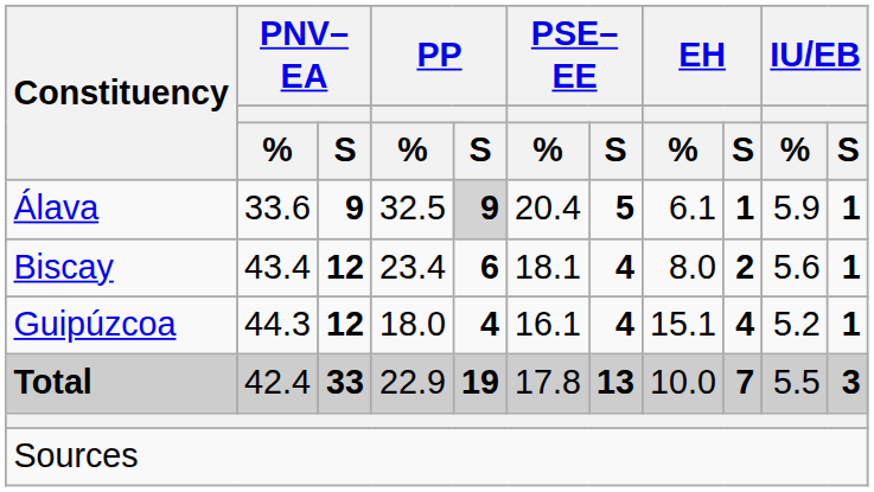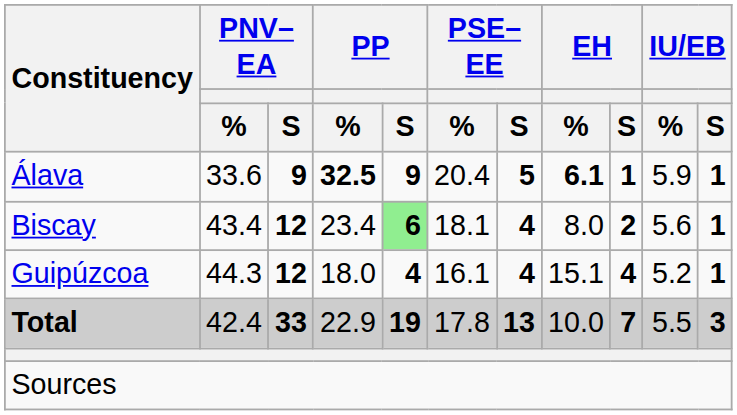 <table class="wikitable sortable" style="text-align:right; line-height:20px;">
 <tr>
 <th rowspan="3">Constituency</th>
 <th colspan="2" width="30px" class="unsortable"><a href='#'>PNV–EA</a></th>
 <th colspan="2" width="30px" class="unsortable"><a href='#'>PP</a></th>
 <th colspan="2" width="30px" class="unsortable"><a href='#'>PSE–EE</a></th>
 <th colspan="2" width="30px" class="unsortable"><a href='#'>EH</a></th>
 <th colspan="2" width="30px" class="unsortable"><a href='#'>IU/EB</a></th>
 </tr>
 <tr>
 <th colspan="2" style="background:"></th>
 <th colspan="2" style="background:"></th>
 <th colspan="2" style="background:"></th>
 <th colspan="2" style="background:"></th>
 <th colspan="2" style="background:"></th>
 </tr>
 <tr>
 <th data-sort-type="number">%</th>
 <th data-sort-type="number">S</th>
 <th data-sort-type="number">%</th>
 <th data-sort-type="number">S</th>
 <th data-sort-type="number">%</th>
 <th data-sort-type="number">S</th>
 <th data-sort-type="number">%</th>
 <th data-sort-type="number">S</th>
 <th data-sort-type="number">%</th>
 <th data-sort-type="number">S</th>
 </tr>
 <tr>
 <td align="left"><a href='#'>Álava</a></td>
 <td style="background:">33.6</td>
 <td><strong>9</strong></td>
-<td>32.5</td>
-<td style="background: lightgrey;"><strong>9</strong></td>
+<td><strong>32.5</strong></td>
+<td><strong>9</strong></td>
 <td>20.4</td>
 <td><strong>5</strong></td>
-<td>6.1</td>
+<td><strong>6.1</strong></td>
 <td><strong>1</strong></td>
 <td>5.9</td>
 <td><strong>1</strong></td>
 </tr>
 <tr>
 <td align="left"><a href='#'>Biscay</a></td>
 <td style="background:">43.4</td>
 <td><strong>12</strong></td>
 <td>23.4</td>
-<td><strong>6</strong></td>
+<td style="background: lightgreen;"><strong>6</strong></td>
 <td>18.1</td>
 <td><strong>4</strong></td>
 <td>8.0</td>
 <td><strong>2</strong></td>
 <td>5.6</td>
 <td><strong>1</strong></td>
 </tr>
 <tr>
 <td align="left"><a href='#'>Guipúzcoa</a></td>
 <td style="background:">44.3</td>
 <td><strong>12</strong></td>
 <td>18.0</td>
 <td><strong>4</strong></td>
 <td>16.1</td>
 <td><strong>4</strong></td>
 <td>15.1</td>
 <td><strong>4</strong></td>
 <td>5.2</td>
 <td><strong>1</strong></td>
 </tr>
 <tr style="background:#CDCDCD;">
 <td align="left"><strong>Total</strong></td>
 <td style="background:">42.4</td>
 <td><strong>33</strong></td>
 <td>22.9</td>
 <td><strong>19</strong></td>
 <td>17.8</td>
 <td><strong>13</strong></td>
 <td>10.0</td>
 <td><strong>7</strong></td>
 <td>5.5</td>
 <td><strong>3</strong></td>
 </tr>
 <tr>
 <th colspan="11"></th>
 </tr>
 <tr>
 <th style="text-align:left; font-weight:normal; background:#F9F9F9" colspan="11">Sources</th>
 </tr>
 </table>
